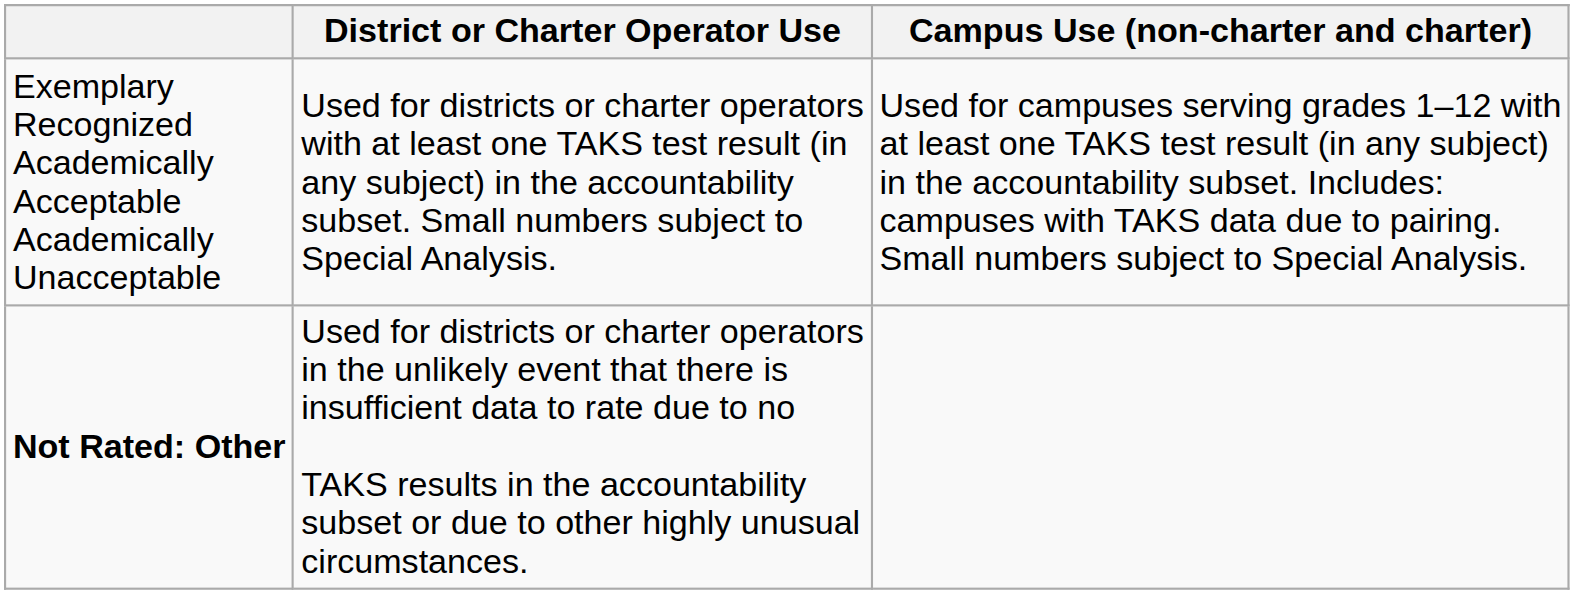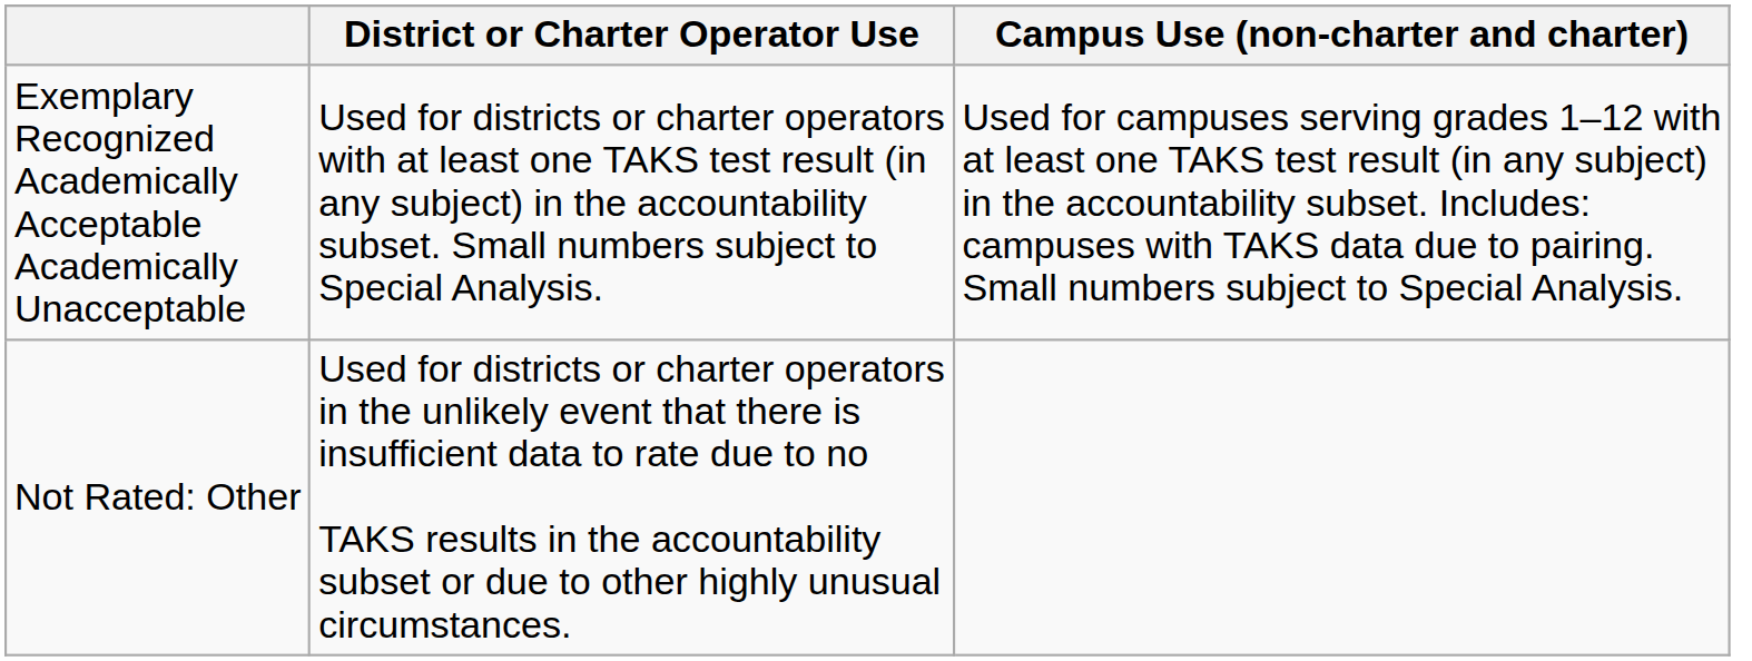 <table class="wikitable">
 <tr>
 </tr>
 <tr>
 <th></th>
 <th>District or Charter Operator Use</th>
 <th>Campus Use (non-charter and charter)</th>
 </tr>
 <tr>
 <td>Exemplary<br>Recognized<br>Academically<br>Acceptable<br>Academically<br>Unacceptable</td>
 <td>Used for districts or charter operators<br>with at least one TAKS test result (in<br>any subject) in the accountability<br>subset. Small numbers subject to<br>Special Analysis.</td>
 <td>Used for campuses serving grades 1–12 with<br>at least one TAKS test result (in any subject)<br>in the accountability subset. Includes:<br>campuses with TAKS data due to pairing.<br>Small numbers subject to Special Analysis.</td>
 </tr>
 <tr>
-<td><strong>Not Rated: Other</strong></td>
+<td>Not Rated: Other</td>
 <td>Used for districts or charter operators<br>in the unlikely event that there is<br>insufficient data to rate due to no<br><br>TAKS results in the accountability<br>subset or due to other highly unusual<br>circumstances.</td>
 </tr>
 </table>
